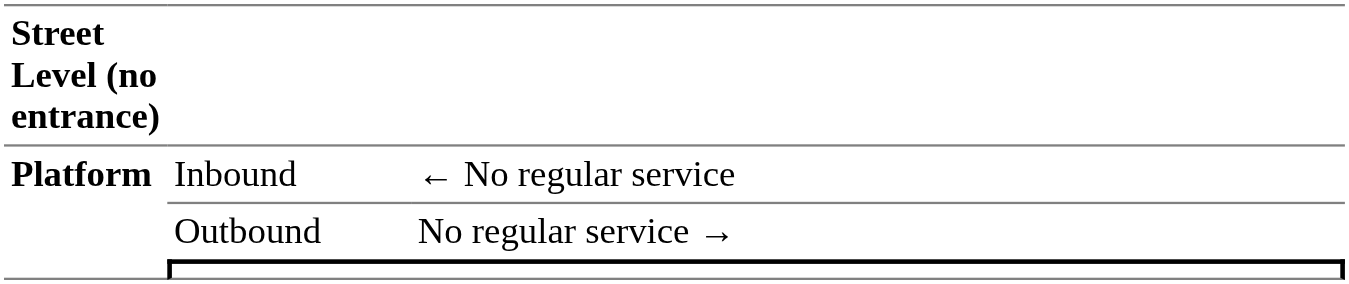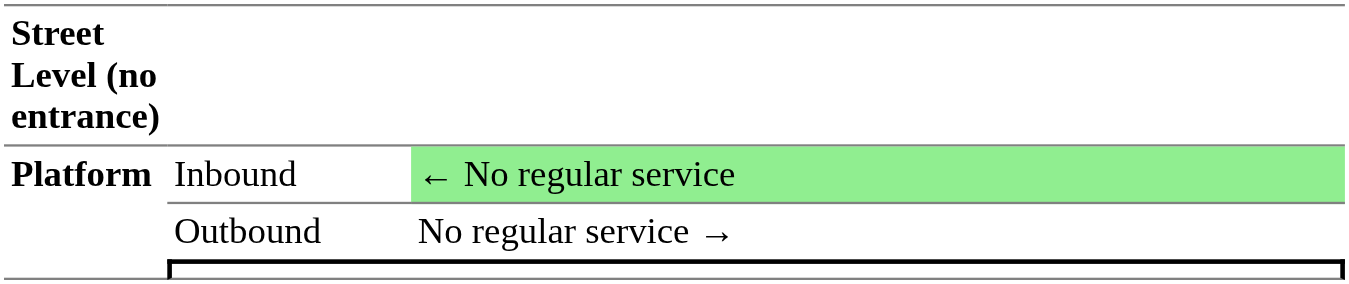 <table border=0 cellspacing=0 cellpadding=3>
 <tr>
 <td style="border-bottom:solid 1px gray;border-top:solid 1px gray;" width=50 valign=top><strong>Street Level (no entrance)</strong></td>
 <td style="border-bottom:solid 1px gray;border-top:solid 1px gray;" width=500 colspan=2 valign=top></td>
 </tr>
 <tr>
 <td style="border-bottom:solid 1px gray;" width=50 rowspan=10 valign=top><strong>Platform</strong></td>
 <td style="border-bottom:solid 1px gray;" width=100>Inbound</td>
-<td style="border-bottom:solid 1px gray;" width=400>← No regular service <br></td>
+<td style="background: lightgreen; border-bottom:solid 1px gray;" width=400>← No regular service <br></td>
 </tr>
 <tr>
 <td>Outbound</td>
 <td> No regular service  →<br></td>
 </tr>
 <tr>
 <td style="border-top:solid 2px black;border-right:solid 2px black;border-left:solid 2px black;border-bottom:solid 1px gray;text-align:center;" colspan=2></td>
 </tr>
 </table>
